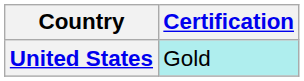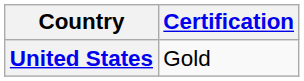 <table class="wikitable plainrowheaders">
 <tr>
 <th scope="col">Country</th>
 <th scope="col"><a href='#'>Certification</a></th>
 </tr>
 <tr>
 <th scope="row"><a href='#'>United States</a></th>
-<td style="background: paleturquoise;">Gold</td>
+<td>Gold</td>
 </tr>
 </table>
